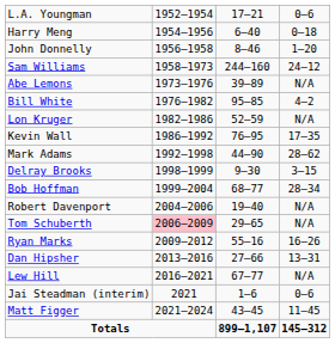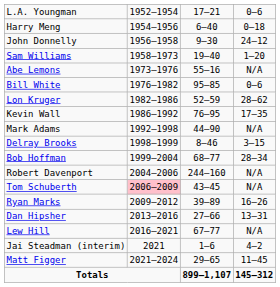 <table class="wikitable" style="text-align: center;">
 <tr>
 <td style="text-align:left">L.A. Youngman</td>
 <td>1952–1954</td>
 <td>17–21</td>
 <td>0–6</td>
 </tr>
 <tr>
 <td style="text-align:left">Harry Meng</td>
 <td>1954–1956</td>
 <td>6–40</td>
 <td>0–18</td>
 </tr>
 <tr>
 <td style="text-align:left">John Donnelly</td>
 <td>1956–1958</td>
-<td>8–46</td>
-<td>1–20</td>
+<td>9–30</td>
+<td>24–12</td>
 </tr>
 <tr>
 <td style="text-align:left"><a href='#'>Sam Williams</a></td>
 <td>1958–1973</td>
-<td>244–160</td>
-<td>24–12</td>
+<td>19–40</td>
+<td>1–20</td>
 </tr>
 <tr>
 <td style="text-align:left"><a href='#'>Abe Lemons</a></td>
 <td>1973–1976</td>
-<td>39–89</td>
+<td>55–16</td>
 <td>N/A</td>
 </tr>
 <tr>
 <td style="text-align:left"><a href='#'>Bill White</a></td>
 <td>1976–1982</td>
 <td>95–85</td>
-<td>4–2</td>
+<td>0–6</td>
 </tr>
 <tr>
 <td style="text-align:left"><a href='#'>Lon Kruger</a></td>
 <td>1982–1986</td>
 <td>52–59</td>
-<td>N/A</td>
+<td>28–62</td>
 </tr>
 <tr>
 <td style="text-align:left">Kevin Wall</td>
 <td>1986–1992</td>
 <td>76–95</td>
 <td>17–35</td>
 </tr>
 <tr>
 <td style="text-align:left">Mark Adams</td>
 <td>1992–1998</td>
 <td>44–90</td>
-<td>28–62</td>
+<td>N/A</td>
 </tr>
 <tr>
 <td style="text-align:left"><a href='#'>Delray Brooks</a></td>
 <td>1998–1999</td>
-<td>9–30</td>
+<td>8–46</td>
 <td>3–15</td>
 </tr>
 <tr>
 <td style="text-align:left"><a href='#'>Bob Hoffman</a></td>
 <td>1999–2004</td>
 <td>68–77</td>
 <td>28–34</td>
 </tr>
 <tr>
 <td style="text-align:left">Robert Davenport</td>
 <td>2004–2006</td>
-<td>19–40</td>
+<td>244–160</td>
 <td>N/A</td>
 </tr>
 <tr>
 <td style="text-align:left"><a href='#'>Tom Schuberth</a></td>
 <td style="background: pink;">2006–2009</td>
-<td>29–65</td>
+<td>43–45</td>
 <td>N/A</td>
 </tr>
 <tr>
 <td style="text-align:left"><a href='#'>Ryan Marks</a></td>
 <td>2009–2012</td>
-<td>55–16</td>
+<td>39–89</td>
 <td>16–26</td>
 </tr>
 <tr>
 <td style="text-align:left"><a href='#'>Dan Hipsher</a></td>
 <td>2013–2016</td>
 <td>27–66</td>
 <td>13–31</td>
 </tr>
 <tr>
 <td style="text-align:left"><a href='#'>Lew Hill</a></td>
 <td>2016–2021</td>
 <td>67–77</td>
 <td>N/A</td>
 </tr>
 <tr>
 <td style="text-align:left">Jai Steadman (interim)</td>
 <td>2021</td>
 <td>1–6</td>
-<td>0–6</td>
+<td>4–2</td>
 </tr>
 <tr>
 <td style="text-align:left"><a href='#'>Matt Figger</a></td>
 <td>2021–2024</td>
-<td>43–45</td>
+<td>29–65</td>
 <td>11–45</td>
 </tr>
 <tr>
 <td colspan=2><strong>Totals</strong></td>
 <td><strong>899–1,107</strong></td>
 <td><strong>145–312</strong></td>
 </tr>
 </table>
